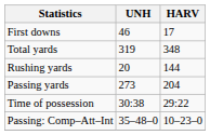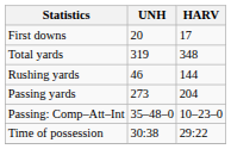 <table class="wikitable" style="float: left;">
 <tr>
 <th>Statistics</th>
 <th>UNH</th>
 <th>HARV</th>
 </tr>
 <tr>
 <td>First downs</td>
-<td>46</td>
+<td>20</td>
 <td>17</td>
 </tr>
 <tr>
 <td>Total yards</td>
 <td>319</td>
 <td>348</td>
 </tr>
 <tr>
 <td>Rushing yards</td>
-<td>20</td>
+<td>46</td>
 <td>144</td>
 </tr>
 <tr>
 <td>Passing yards</td>
 <td>273</td>
 <td>204</td>
 </tr>
 <tr>
+<td>Passing: Comp–Att–Int</td>
+<td>35–48–0</td>
+<td>10–23–0</td>
+</tr>
+<tr>
 <td>Time of possession</td>
 <td>30:38</td>
 <td>29:22</td>
 </tr>
 <tr>
-<td>Passing: Comp–Att–Int</td>
-<td>35–48–0</td>
-<td>10–23–0</td>
-</tr>
-<tr>
 </tr>
 </table>
